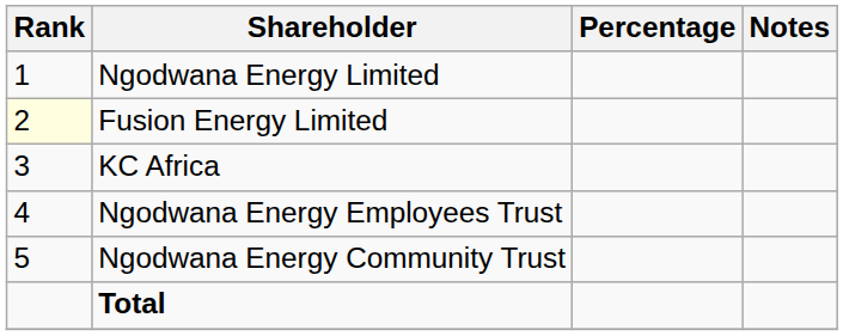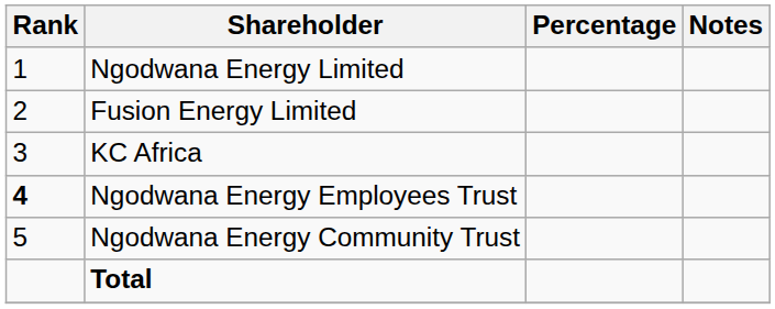 <table class="wikitable sortable" style="margin: 0.5em auto">
 <tr>
 <th>Rank</th>
 <th>Shareholder</th>
 <th>Percentage</th>
 <th>Notes</th>
 </tr>
 <tr>
 <td>1</td>
 <td>Ngodwana Energy Limited</td>
 <td></td>
 <td></td>
 </tr>
 <tr>
-<td style="background: lightyellow;">2</td>
+<td>2</td>
 <td>Fusion Energy Limited</td>
 <td></td>
 <td></td>
 </tr>
 <tr>
 <td>3</td>
 <td>KC Africa</td>
 <td></td>
 <td></td>
 </tr>
 <tr>
-<td>4</td>
+<td><strong>4</strong></td>
 <td>Ngodwana Energy Employees Trust</td>
 <td></td>
 <td></td>
 </tr>
 <tr>
 <td>5</td>
 <td>Ngodwana Energy Community Trust</td>
 <td></td>
 <td></td>
 </tr>
 <tr>
 <td></td>
 <td><strong>Total</strong></td>
 <td><strong></strong></td>
 <td></td>
 </tr>
 <tr>
 </tr>
 </table>
